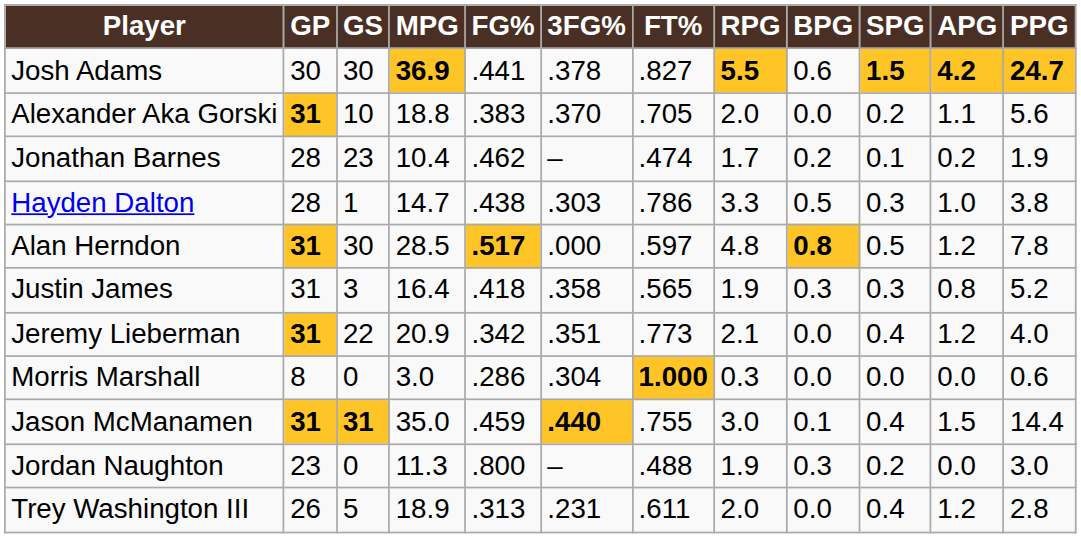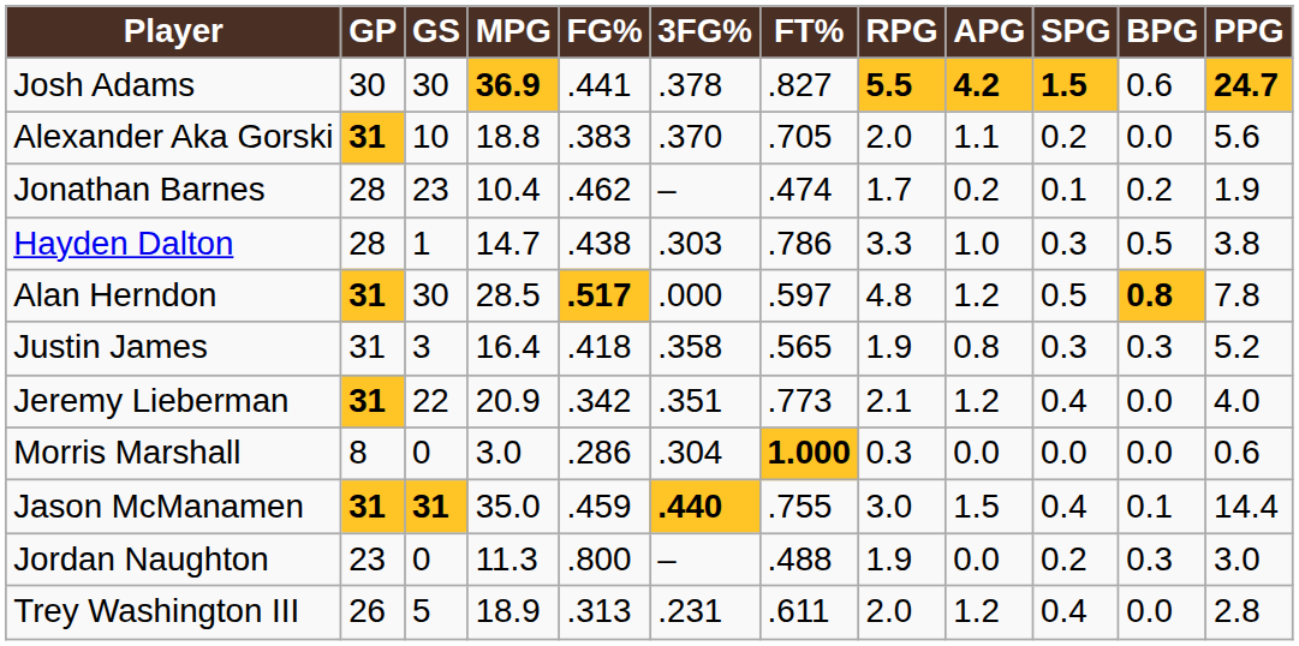 <table class="wikitable sortable">
 <tr>
 <th style="background:#492f24; color:white">Player</th>
 <th style="background:#492f24; color:white">GP</th>
 <th style="background:#492f24; color:white">GS</th>
 <th style="background:#492f24; color:white">MPG</th>
 <th style="background:#492f24; color:white">FG%</th>
 <th style="background:#492f24; color:white">3FG%</th>
 <th style="background:#492f24; color:white">FT%</th>
 <th style="background:#492f24; color:white;">RPG</th>
+<th style="background:#492f24; color:white;">APG</th>
+<th style="background:#492f24; color:white;">SPG</th>
 <th style="background:#492f24; color:white;">BPG</th>
-<th style="background:#492f24; color:white;">SPG</th>
-<th style="background:#492f24; color:white;">APG</th>
 <th style="background:#492f24; color:white;">PPG</th>
 </tr>
 <tr>
 <td>Josh Adams</td>
 <td>30</td>
 <td>30</td>
 <td style="background:#ffc425"><strong>36.9</strong></td>
 <td>.441</td>
 <td>.378</td>
 <td>.827</td>
 <td style="background:#ffc425"><strong>5.5</strong></td>
+<td style="background:#ffc425"><strong>4.2</strong></td>
+<td style="background:#ffc425"><strong>1.5</strong></td>
 <td>0.6</td>
-<td style="background:#ffc425"><strong>1.5</strong></td>
-<td style="background:#ffc425"><strong>4.2</strong></td>
 <td style="background:#ffc425"><strong>24.7</strong></td>
 </tr>
 <tr>
 <td>Alexander Aka Gorski</td>
 <td style="background:#ffc425"><strong>31</strong></td>
 <td>10</td>
 <td>18.8</td>
 <td>.383</td>
 <td>.370</td>
 <td>.705</td>
 <td>2.0</td>
+<td>1.1</td>
+<td>0.2</td>
 <td>0.0</td>
-<td>0.2</td>
-<td>1.1</td>
 <td>5.6</td>
 </tr>
 <tr>
 <td>Jonathan Barnes</td>
 <td>28</td>
 <td>23</td>
 <td>10.4</td>
 <td>.462</td>
 <td>–</td>
 <td>.474</td>
 <td>1.7</td>
 <td>0.2</td>
 <td>0.1</td>
 <td>0.2</td>
 <td>1.9</td>
 </tr>
 <tr>
 <td><a href='#'>Hayden Dalton</a></td>
 <td>28</td>
 <td>1</td>
 <td>14.7</td>
 <td>.438</td>
 <td>.303</td>
 <td>.786</td>
 <td>3.3</td>
+<td>1.0</td>
+<td>0.3</td>
 <td>0.5</td>
-<td>0.3</td>
-<td>1.0</td>
 <td>3.8</td>
 </tr>
 <tr>
 <td>Alan Herndon</td>
 <td style="background:#ffc425"><strong>31</strong></td>
 <td>30</td>
 <td>28.5</td>
 <td style="background:#ffc425"><strong>.517</strong></td>
 <td>.000</td>
 <td>.597</td>
 <td>4.8</td>
+<td>1.2</td>
+<td>0.5</td>
 <td style="background:#ffc425"><strong>0.8</strong></td>
-<td>0.5</td>
-<td>1.2</td>
 <td>7.8</td>
 </tr>
 <tr>
 <td>Justin James</td>
 <td>31</td>
 <td>3</td>
 <td>16.4</td>
 <td>.418</td>
 <td>.358</td>
 <td>.565</td>
 <td>1.9</td>
+<td>0.8</td>
 <td>0.3</td>
 <td>0.3</td>
-<td>0.8</td>
 <td>5.2</td>
 </tr>
 <tr>
 <td>Jeremy Lieberman</td>
 <td style="background:#ffc425"><strong>31</strong></td>
 <td>22</td>
 <td>20.9</td>
 <td>.342</td>
 <td>.351</td>
 <td>.773</td>
 <td>2.1</td>
+<td>1.2</td>
+<td>0.4</td>
 <td>0.0</td>
-<td>0.4</td>
-<td>1.2</td>
 <td>4.0</td>
 </tr>
 <tr>
 <td>Morris Marshall</td>
 <td>8</td>
 <td>0</td>
 <td>3.0</td>
 <td>.286</td>
 <td>.304</td>
 <td style="background:#ffc425"><strong>1.000</strong></td>
 <td>0.3</td>
 <td>0.0</td>
 <td>0.0</td>
 <td>0.0</td>
 <td>0.6</td>
 </tr>
 <tr>
 <td>Jason McManamen</td>
 <td style="background:#ffc425"><strong>31</strong></td>
 <td style="background:#ffc425"><strong>31</strong></td>
 <td>35.0</td>
 <td>.459</td>
 <td style="background:#ffc425"><strong>.440</strong></td>
 <td>.755</td>
 <td>3.0</td>
+<td>1.5</td>
+<td>0.4</td>
 <td>0.1</td>
-<td>0.4</td>
-<td>1.5</td>
 <td>14.4</td>
 </tr>
 <tr>
 <td>Jordan Naughton</td>
 <td>23</td>
 <td>0</td>
 <td>11.3</td>
 <td>.800</td>
 <td>–</td>
 <td>.488</td>
 <td>1.9</td>
+<td>0.0</td>
+<td>0.2</td>
 <td>0.3</td>
-<td>0.2</td>
-<td>0.0</td>
 <td>3.0</td>
 </tr>
 <tr>
 <td>Trey Washington III</td>
 <td>26</td>
 <td>5</td>
 <td>18.9</td>
 <td>.313</td>
 <td>.231</td>
 <td>.611</td>
 <td>2.0</td>
+<td>1.2</td>
+<td>0.4</td>
 <td>0.0</td>
-<td>0.4</td>
-<td>1.2</td>
 <td>2.8</td>
 </tr>
 </table>
